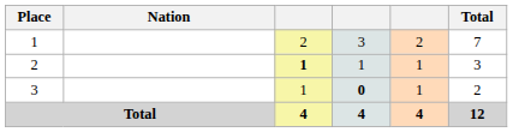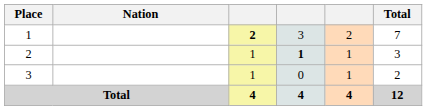 <table class=wikitable style="border:1px solid #AAAAAA;font-size:90%">
 <tr bgcolor="#EFEFEF">
 <th width=50>Place</th>
 <th width=200>Nation</th>
 <th width=50></th>
 <th width=50></th>
 <th width=50></th>
 <th width=50>Total</th>
 </tr>
 <tr align="center" valign="top" bgcolor="#FFFFFF">
 <td>1</td>
 <td align="left"></td>
-<td style="background:#F7F6A8;">2</td>
+<td style="background:#F7F6A8;"><strong>2</strong></td>
 <td style="background:#DCE5E5;">3</td>
 <td style="background:#FFDAB9;">2</td>
 <td>7</td>
 </tr>
 <tr align="center" valign="top" bgcolor="#FFFFFF">
 <td>2</td>
 <td align="left"></td>
-<td style="background:#F7F6A8;"><strong>1</strong></td>
-<td style="background:#DCE5E5;">1</td>
+<td style="background:#F7F6A8;">1</td>
+<td style="background:#DCE5E5;"><strong>1</strong></td>
 <td style="background:#FFDAB9;">1</td>
 <td>3</td>
 </tr>
 <tr align="center" valign="top" bgcolor="#FFFFFF">
 <td>3</td>
 <td align="left"></td>
 <td style="background:#F7F6A8;">1</td>
-<td style="background:#DCE5E5;"><strong>0</strong></td>
+<td style="background:#DCE5E5;">0</td>
 <td style="background:#FFDAB9;">1</td>
 <td>2</td>
 </tr>
 <tr align="center">
 <td colspan="2" bgcolor=D3D3D3><strong>Total</strong></td>
 <td style="background:#F7F6A8;"><strong>4</strong></td>
 <td style="background:#DCE5E5;"><strong>4</strong></td>
 <td style="background:#FFDAB9;"><strong>4</strong></td>
 <td bgcolor=D3D3D3><strong>12</strong></td>
 </tr>
 </table>
